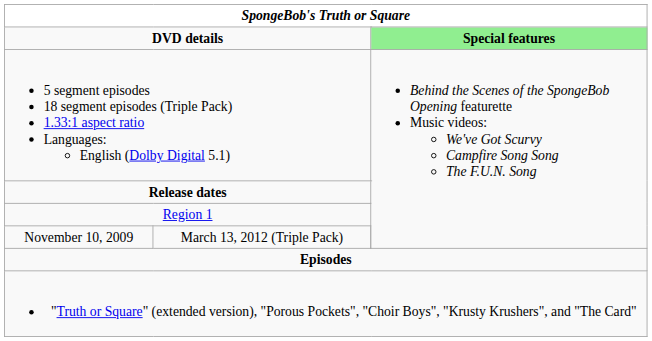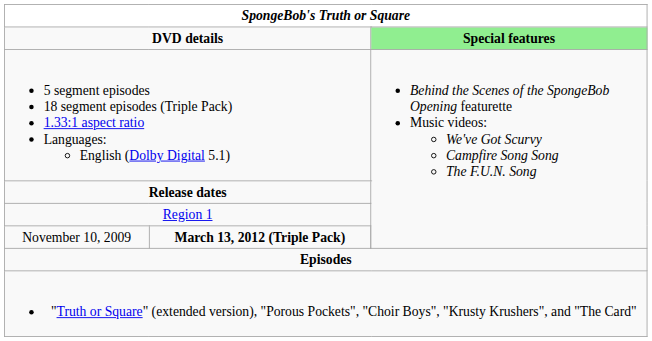 <table class="wikitable" style="font-size: 95%;">
 <tr style="background:#FFF; color:#000;">
 <td colspan="4" align="center"><strong><em>SpongeBob's Truth or Square</em></strong></td>
 </tr>
 <tr valign="top">
 <td style="text-align:center; width:400px;" colspan="3"><strong>DVD details</strong></td>
 <td style="background: lightgreen; width:300px; text-align:center;"><strong>Special features</strong></td>
 </tr>
 <tr valign="top">
 <td colspan="3" style="text-align:left; width:400px;"><br><ul><li>5 segment episodes</li><li>18 segment episodes (Triple Pack)</li><li><a href='#'>1.33:1 aspect ratio</a></li><li>Languages:<ul><li>English (<a href='#'>Dolby Digital</a> 5.1)</li></ul></li></ul></td>
 <td rowspan="4" style="text-align:left; width:300px;"><br><ul><li><em>Behind the Scenes of the SpongeBob Opening</em> featurette</li><li>Music videos:<ul><li><em>We've Got Scurvy</em></li><li><em>Campfire Song Song</em></li><li><em>The F.U.N. Song</em></li></ul></li></ul></td>
 </tr>
 <tr>
 <td colspan="3" style="text-align:center;"><strong>Release dates</strong></td>
 </tr>
 <tr>
 <td colspan="3" style="text-align:center;"><a href='#'>Region 1</a></td>
 </tr>
 <tr style="text-align:center;">
 <td>November 10, 2009</td>
-<td>March 13, 2012 (Triple Pack)</td>
+<td><strong>March 13, 2012 (Triple Pack)</strong></td>
 </tr>
 <tr>
 <td style="text-align:center; width:400px;" colspan="4"><strong>Episodes</strong></td>
 </tr>
 <tr>
 <td style="text-align:center; width:400px;" colspan="4"><br><ul><li>"<a href='#'>Truth or Square</a>" (extended version), "Porous Pockets", "Choir Boys", "Krusty Krushers", and "The Card"</li></ul></td>
 </tr>
 </table>
